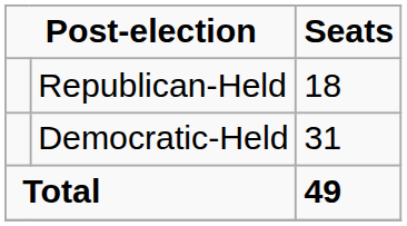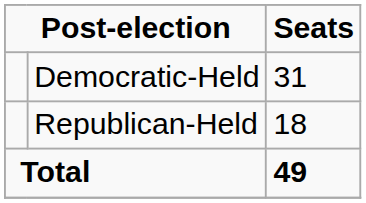 <table class="wikitable">
 <tr>
 <td colspan="2" rowspan="1" align="center" valign="top"><strong>Post-election</strong></td>
 <td style="vertical-align:top;"><strong>Seats</strong><br></td>
 </tr>
 <tr>
 <td style="background-color:"> </td>
-<td>Republican-Held</td>
-<td>18</td>
+<td>Democratic-Held</td>
+<td>31</td>
 </tr>
 <tr>
 <td style="background-color:"> </td>
-<td>Democratic-Held</td>
-<td>31</td>
+<td>Republican-Held</td>
+<td>18</td>
 </tr>
 <tr>
 <td colspan="2" rowspan="1"> <strong>Total</strong><br></td>
 <td><strong>49</strong></td>
 </tr>
 <tr>
 </tr>
 </table>
